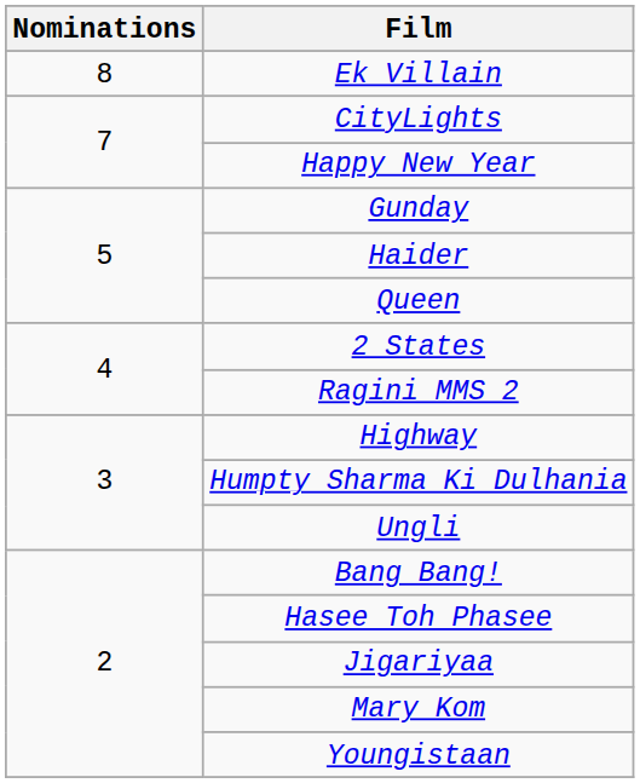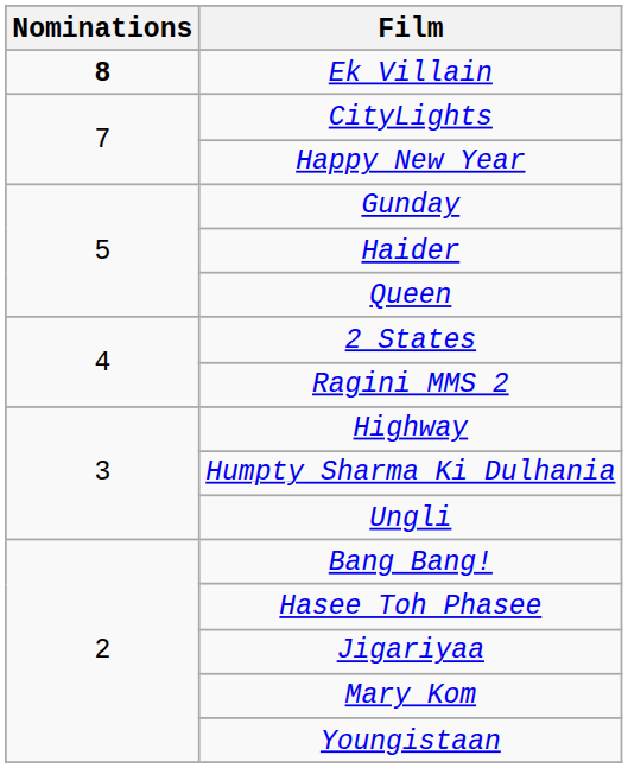 <table class="wikitable" rowspan="2" style="text-align:center;">
 <tr>
 <th scope="col" style="width:55px;">Nominations</th>
 <th scope="col" style="text-align:center;">Film</th>
 </tr>
 <tr>
-<td>8</td>
+<td><strong>8</strong></td>
 <td><em><a href='#'>Ek Villain</a></em></td>
 </tr>
 <tr>
 <td rowspan=2>7</td>
 <td><em><a href='#'>CityLights</a></em></td>
 </tr>
 <tr>
 <td><em><a href='#'>Happy New Year</a></em></td>
 </tr>
 <tr>
 <td rowspan="3">5</td>
 <td><em><a href='#'>Gunday</a></em></td>
 </tr>
 <tr>
 <td><em><a href='#'>Haider</a></em></td>
 </tr>
 <tr>
 <td><em><a href='#'>Queen</a></em></td>
 </tr>
 <tr>
 <td rowspan="2">4</td>
 <td><em><a href='#'>2 States</a></em></td>
 </tr>
 <tr>
 <td><em><a href='#'>Ragini MMS 2</a></em></td>
 </tr>
 <tr>
 <td rowspan="3">3</td>
 <td><em><a href='#'>Highway</a></em></td>
 </tr>
 <tr>
 <td><em><a href='#'>Humpty Sharma Ki Dulhania</a></em></td>
 </tr>
 <tr>
 <td><em><a href='#'>Ungli</a></em></td>
 </tr>
 <tr>
 <td rowspan="5">2</td>
 <td><em><a href='#'>Bang Bang!</a></em></td>
 </tr>
 <tr>
 <td><em><a href='#'>Hasee Toh Phasee</a></em></td>
 </tr>
 <tr>
 <td><em><a href='#'>Jigariyaa</a></em></td>
 </tr>
 <tr>
 <td><em><a href='#'>Mary Kom</a></em></td>
 </tr>
 <tr>
 <td><em><a href='#'>Youngistaan</a></em></td>
 </tr>
 </table>
